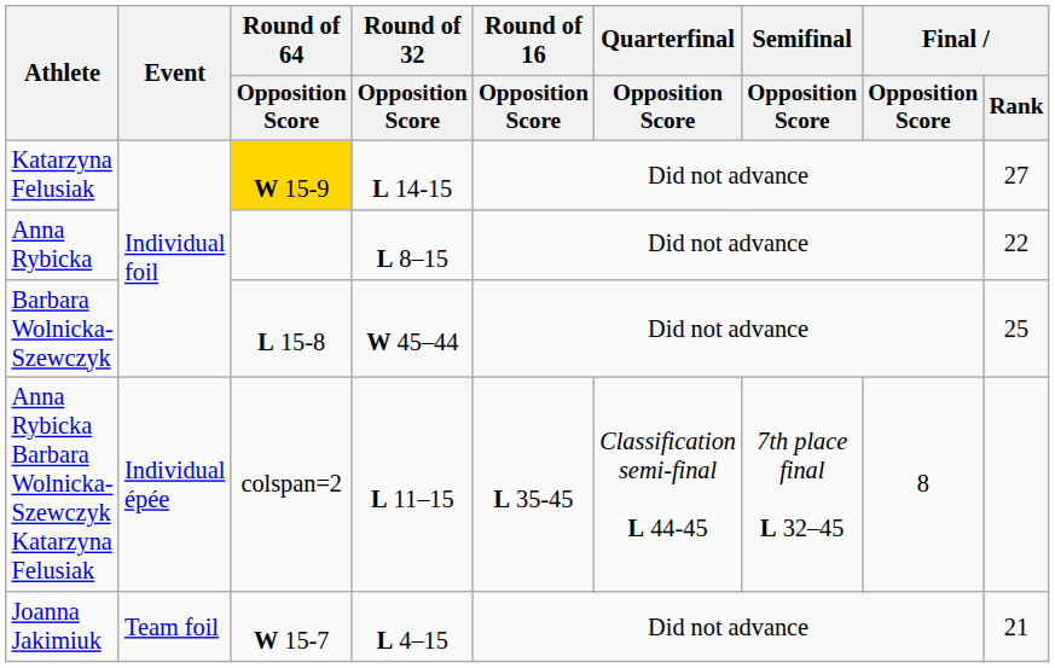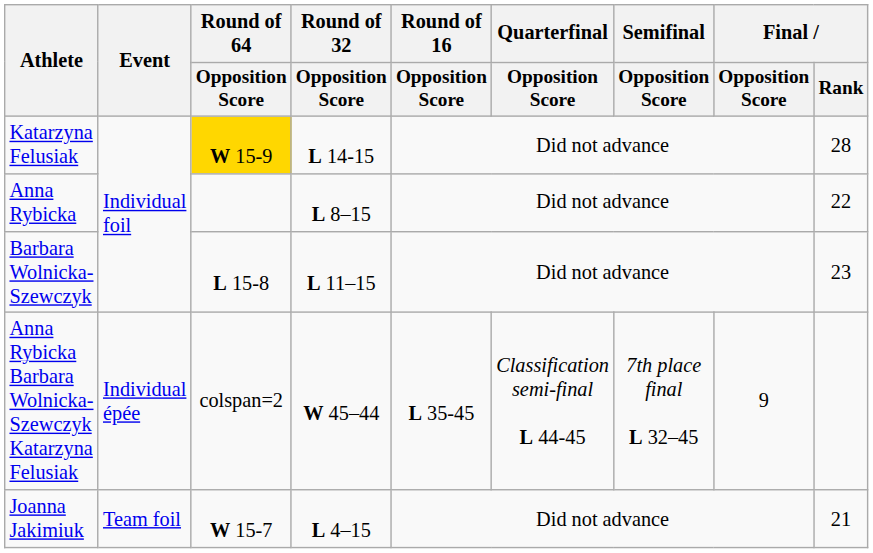 <table class="wikitable" style="font-size:90%">
 <tr>
 <th rowspan="2">Athlete</th>
 <th rowspan="2">Event</th>
 <th>Round of 64</th>
 <th>Round of 32</th>
 <th>Round of 16</th>
 <th>Quarterfinal</th>
 <th>Semifinal</th>
 <th colspan=2>Final / </th>
 </tr>
 <tr style="font-size:95%">
 <th>Opposition <br> Score</th>
 <th>Opposition <br> Score</th>
 <th>Opposition <br> Score</th>
 <th>Opposition <br> Score</th>
 <th>Opposition <br> Score</th>
 <th>Opposition <br> Score</th>
 <th>Rank</th>
 </tr>
 <tr align=center>
 <td align=left><a href='#'>Katarzyna Felusiak</a></td>
 <td align=left rowspan=3><a href='#'>Individual foil</a></td>
 <td style="background: gold;"><br><strong>W</strong> 15-9</td>
 <td><br><strong>L</strong> 14-15</td>
 <td colspan=4>Did not advance</td>
-<td>27</td>
+<td>28</td>
 </tr>
 <tr align=center>
 <td align=left><a href='#'>Anna Rybicka</a></td>
 <td></td>
 <td><br><strong>L</strong> 8–15</td>
 <td colspan=4>Did not advance</td>
 <td>22</td>
 </tr>
 <tr align=center>
 <td align=left><a href='#'>Barbara Wolnicka-Szewczyk</a></td>
 <td><br><strong>L</strong> 15-8</td>
-<td><br><strong>W</strong> 45–44</td>
+<td><br><strong>L</strong> 11–15</td>
 <td colspan=4>Did not advance</td>
-<td>25</td>
+<td>23</td>
 </tr>
 <tr align=center>
 <td align=left><a href='#'>Anna Rybicka</a><br><a href='#'>Barbara Wolnicka-Szewczyk</a><br><a href='#'>Katarzyna Felusiak</a></td>
 <td align=left><a href='#'>Individual épée</a></td>
 <td>colspan=2 </td>
-<td><br><strong>L</strong> 11–15</td>
+<td><br><strong>W</strong> 45–44</td>
 <td><br><strong>L</strong> 35-45</td>
 <td><em>Classification semi-final</em><br><br><strong>L</strong> 44-45</td>
 <td><em>7th place final</em><br><br><strong>L</strong> 32–45</td>
-<td>8</td>
+<td>9</td>
 </tr>
 <tr align=center>
 <td align=left><a href='#'>Joanna Jakimiuk</a></td>
 <td align=left><a href='#'>Team foil</a></td>
 <td><br><strong>W</strong> 15-7</td>
 <td><br><strong>L</strong> 4–15</td>
 <td colspan=4>Did not advance</td>
 <td>21</td>
 </tr>
 </table>
